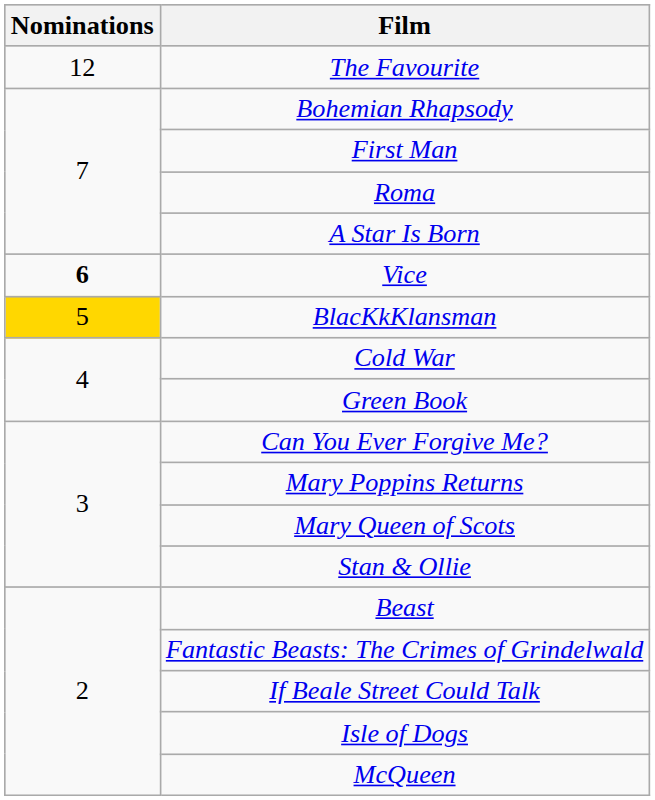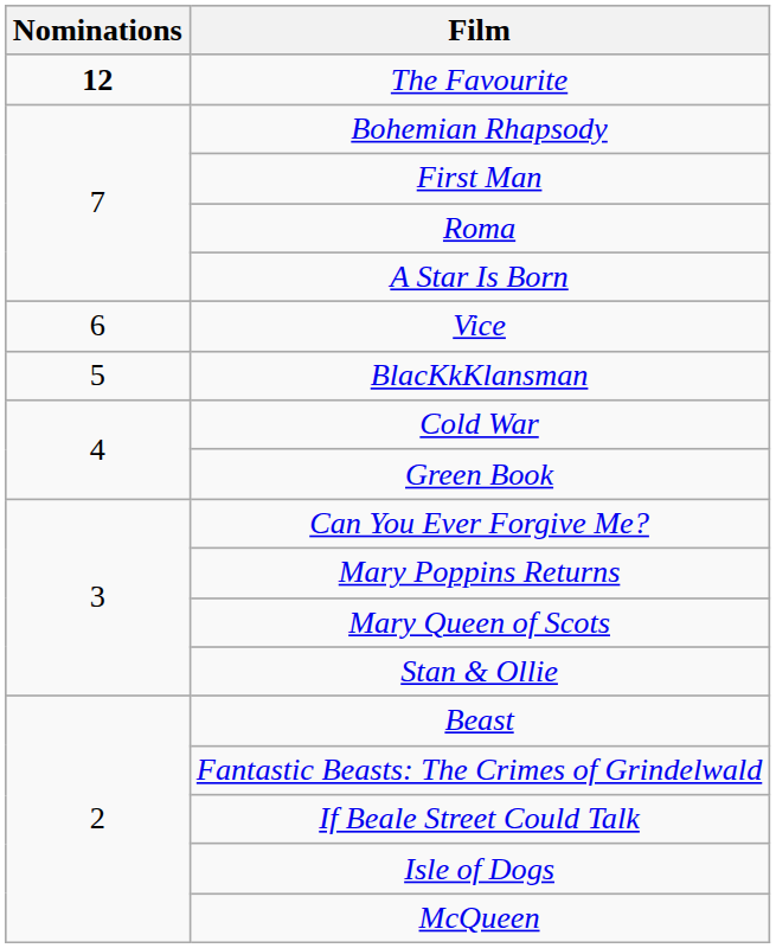 <table class="wikitable" style="text-align:center;">
 <tr>
 <th style="background:">Nominations</th>
 <th style="background:">Film</th>
 </tr>
 <tr>
-<td>12</td>
+<td><strong>12</strong></td>
 <td><em><a href='#'>The Favourite</a></em></td>
 </tr>
 <tr>
 <td rowspan="4">7</td>
 <td><em><a href='#'>Bohemian Rhapsody</a></em></td>
 </tr>
 <tr>
 <td><em><a href='#'>First Man</a></em></td>
 </tr>
 <tr>
 <td><em><a href='#'>Roma</a></em></td>
 </tr>
 <tr>
 <td><em><a href='#'>A Star Is Born</a></em></td>
 </tr>
 <tr>
-<td><strong>6</strong></td>
+<td>6</td>
 <td><em><a href='#'>Vice</a></em></td>
 </tr>
 <tr>
-<td style="background: gold;">5</td>
+<td>5</td>
 <td><em><a href='#'>BlacKkKlansman</a></em></td>
 </tr>
 <tr>
 <td rowspan="2">4</td>
 <td><em><a href='#'>Cold War</a></em></td>
 </tr>
 <tr>
 <td><em><a href='#'>Green Book</a></em></td>
 </tr>
 <tr>
 <td rowspan="4">3</td>
 <td><em><a href='#'>Can You Ever Forgive Me?</a></em></td>
 </tr>
 <tr>
 <td><em><a href='#'>Mary Poppins Returns</a></em></td>
 </tr>
 <tr>
 <td><em><a href='#'>Mary Queen of Scots</a></em></td>
 </tr>
 <tr>
 <td><em><a href='#'>Stan & Ollie</a></em></td>
 </tr>
 <tr>
 <td rowspan="5">2</td>
 <td><em><a href='#'>Beast</a></em></td>
 </tr>
 <tr>
 <td><em><a href='#'>Fantastic Beasts: The Crimes of Grindelwald</a></em></td>
 </tr>
 <tr>
 <td><em><a href='#'>If Beale Street Could Talk</a></em></td>
 </tr>
 <tr>
 <td><em><a href='#'>Isle of Dogs</a></em></td>
 </tr>
 <tr>
 <td><em><a href='#'>McQueen</a></em></td>
 </tr>
 </table>
